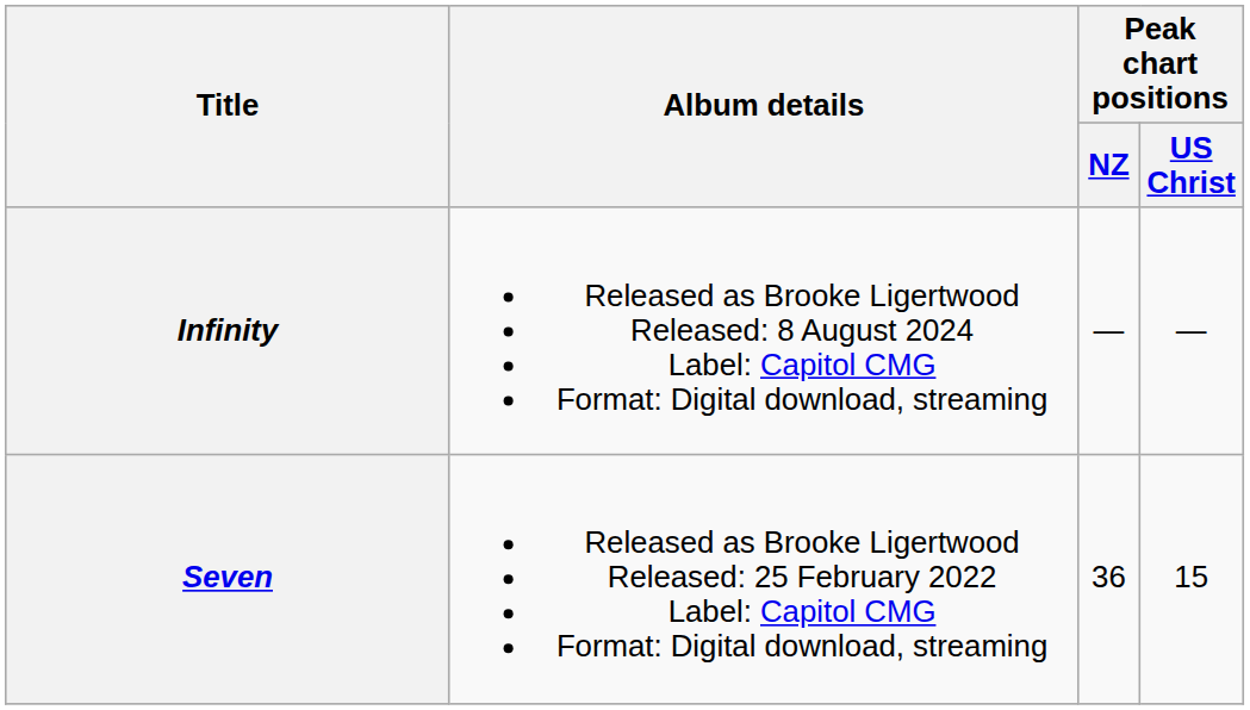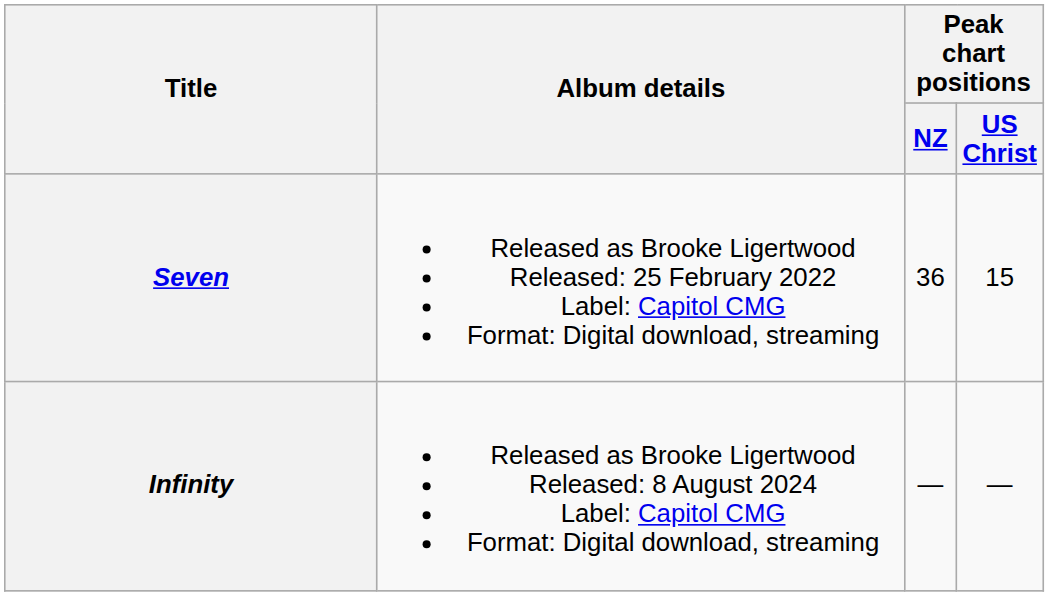 <table class="wikitable plainrowheaders" style="text-align:center;">
 <tr>
 <th scope="col" rowspan="2" style="width:14em;">Title</th>
 <th scope="col" rowspan="2" style="width:20em;">Album details</th>
 <th scope="col" colspan="2">Peak chart positions</th>
 </tr>
 <tr>
 <th style="width:25px;"><a href='#'>NZ</a><br></th>
 <th style="width:25px;"><a href='#'>US Christ</a><br></th>
 </tr>
 <tr>
+<th scope="row"><em><a href='#'>Seven</a></em></th>
+<td><br><ul><li>Released as Brooke Ligertwood</li><li>Released: 25 February 2022</li><li>Label: <a href='#'>Capitol CMG</a></li><li>Format: Digital download, streaming</li></ul></td>
+<td>36</td>
+<td>15</td>
+</tr>
+<tr>
 <th scope="row"><em>Infinity</em></th>
 <td><br><ul><li>Released as Brooke Ligertwood</li><li>Released: 8 August 2024</li><li>Label: <a href='#'>Capitol CMG</a></li><li>Format: Digital download, streaming</li></ul></td>
 <td>—</td>
 <td>—</td>
 </tr>
-<tr>
-<th scope="row"><em><a href='#'>Seven</a></em></th>
-<td><br><ul><li>Released as Brooke Ligertwood</li><li>Released: 25 February 2022</li><li>Label: <a href='#'>Capitol CMG</a></li><li>Format: Digital download, streaming</li></ul></td>
-<td>36</td>
-<td>15</td>
-</tr>
 </table>
